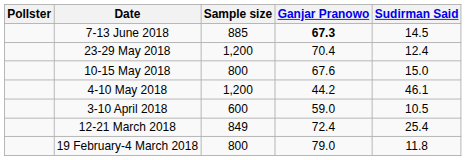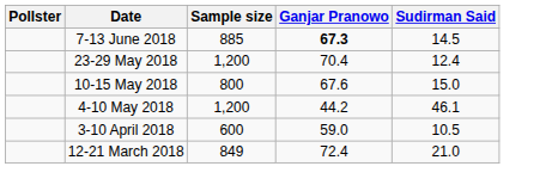 <table class="wikitable sortable" style="text-align: center; font-size: 90%;">
 <tr>
 <th>Pollster</th>
 <th>Date</th>
 <th>Sample size</th>
 <th><a href='#'>Ganjar Pranowo</a></th>
 <th><a href='#'>Sudirman Said</a></th>
 </tr>
 <tr>
 <td></td>
 <td>7-13 June 2018</td>
 <td>885</td>
 <td style="background:#"><strong>67.3</strong></td>
 <td>14.5</td>
 </tr>
 <tr>
 <td></td>
 <td>23-29 May 2018</td>
 <td>1,200</td>
 <td style="background:#">70.4</td>
 <td>12.4</td>
 </tr>
 <tr>
 <td></td>
 <td>10-15 May 2018</td>
 <td>800</td>
 <td style="background:#">67.6</td>
 <td>15.0</td>
 </tr>
 <tr>
 <td> </td>
 <td>4-10 May 2018</td>
 <td>1,200</td>
 <td>44.2</td>
 <td style="background:#">46.1</td>
 </tr>
 <tr>
 <td></td>
 <td>3-10 April 2018</td>
 <td>600</td>
 <td style="background:#">59.0</td>
 <td>10.5</td>
 </tr>
 <tr>
 <td></td>
 <td>12-21 March 2018</td>
 <td>849</td>
 <td style="background:#">72.4</td>
-<td>25.4</td>
-</tr>
-<tr>
-<td></td>
-<td>19 February-4 March 2018</td>
-<td>800</td>
-<td style="background:#">79.0</td>
-<td>11.8</td>
+<td>21.0</td>
 </tr>
 </table>
